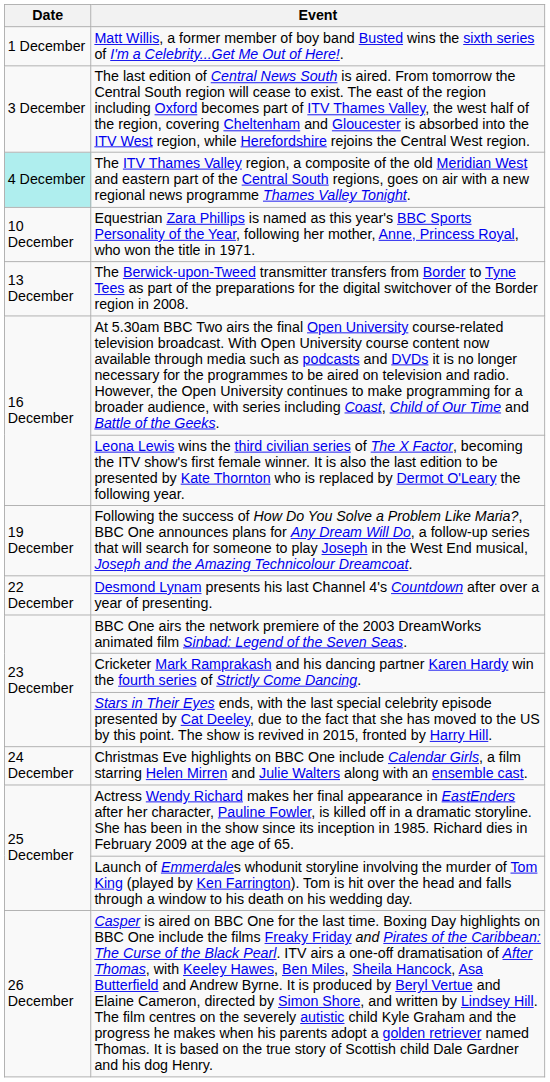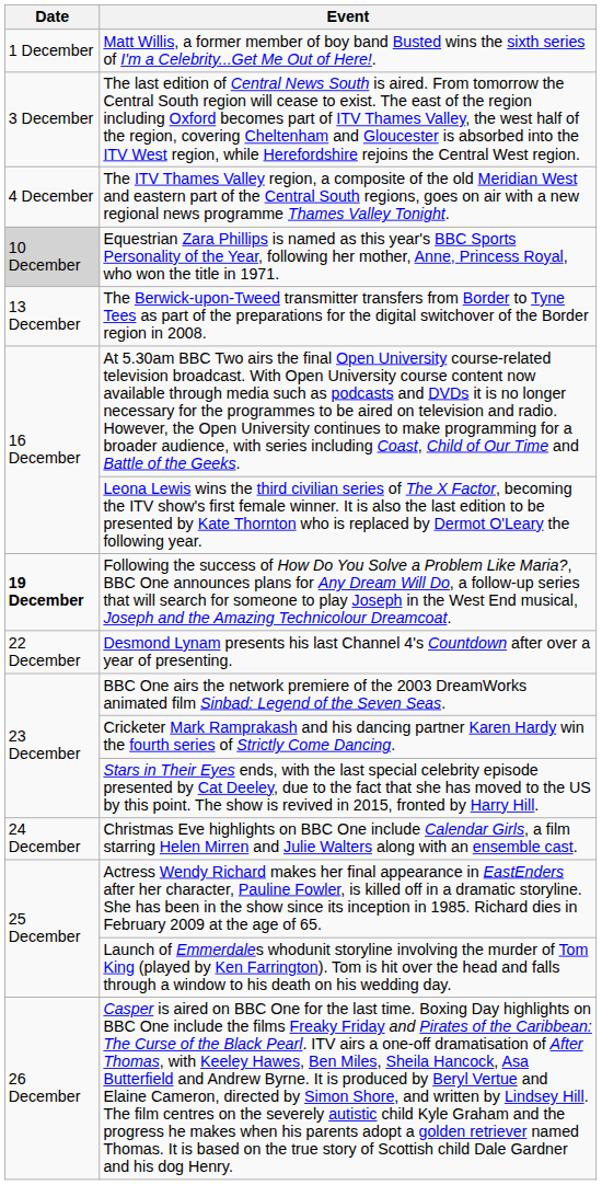 <table class="wikitable">
 <tr>
 <th width=90>Date</th>
 <th>Event</th>
 </tr>
 <tr>
 <td>1 December</td>
 <td><a href='#'>Matt Willis</a>, a former member of boy band <a href='#'>Busted</a> wins the <a href='#'>sixth series</a> of <em><a href='#'>I'm a Celebrity...Get Me Out of Here!</a></em>.</td>
 </tr>
 <tr>
 <td>3 December</td>
 <td>The last edition of <em><a href='#'>Central News South</a></em> is aired. From tomorrow the Central South region will cease to exist. The east of the region including <a href='#'>Oxford</a> becomes part of <a href='#'>ITV Thames Valley</a>, the west half of the region, covering <a href='#'>Cheltenham</a> and <a href='#'>Gloucester</a> is absorbed into the <a href='#'>ITV West</a> region, while <a href='#'>Herefordshire</a> rejoins the Central West region.</td>
 </tr>
 <tr>
-<td style="background: paleturquoise;">4 December</td>
+<td>4 December</td>
 <td>The <a href='#'>ITV Thames Valley</a> region, a composite of the old <a href='#'>Meridian West</a> and eastern part of the <a href='#'>Central South</a> regions, goes on air with a new regional news programme <em><a href='#'>Thames Valley Tonight</a></em>.</td>
 </tr>
 <tr>
-<td>10 December</td>
+<td style="background: lightgrey;">10 December</td>
 <td>Equestrian <a href='#'>Zara Phillips</a> is named as this year's <a href='#'>BBC Sports Personality of the Year</a>, following her mother, <a href='#'>Anne, Princess Royal</a>, who won the title in 1971.</td>
 </tr>
 <tr>
 <td>13 December</td>
 <td>The <a href='#'>Berwick-upon-Tweed</a> transmitter transfers from <a href='#'>Border</a> to <a href='#'>Tyne Tees</a> as part of the preparations for the digital switchover of the Border region in 2008.</td>
 </tr>
 <tr>
 <td rowspan=2>16 December</td>
 <td>At 5.30am BBC Two airs the final <a href='#'>Open University</a> course-related television broadcast. With Open University course content now available through media such as <a href='#'>podcasts</a> and <a href='#'>DVDs</a> it is no longer necessary for the programmes to be aired on television and radio. However, the Open University continues to make programming for a broader audience, with series including <em><a href='#'>Coast</a></em>, <em><a href='#'>Child of Our Time</a></em> and <em><a href='#'>Battle of the Geeks</a></em>.</td>
 </tr>
 <tr>
 <td><a href='#'>Leona Lewis</a> wins the <a href='#'>third civilian series</a> of <em><a href='#'>The X Factor</a></em>, becoming the ITV show's first female winner. It is also the last edition to be presented by <a href='#'>Kate Thornton</a> who is replaced by <a href='#'>Dermot O'Leary</a> the following year.</td>
 </tr>
 <tr>
-<td>19 December</td>
+<td><strong>19 December</strong></td>
 <td>Following the success of <em>How Do You Solve a Problem Like Maria?</em>, BBC One announces plans for <em><a href='#'>Any Dream Will Do</a></em>, a follow-up series that will search for someone to play <a href='#'>Joseph</a> in the West End musical, <em><a href='#'>Joseph and the Amazing Technicolour Dreamcoat</a></em>.</td>
 </tr>
 <tr>
 <td>22 December</td>
 <td><a href='#'>Desmond Lynam</a> presents his last Channel 4's <em><a href='#'>Countdown</a></em> after over a year of presenting.</td>
 </tr>
 <tr>
 <td rowspan=3>23 December</td>
 <td>BBC One airs the network premiere of the 2003 DreamWorks animated film <em><a href='#'>Sinbad: Legend of the Seven Seas</a></em>.</td>
 </tr>
 <tr>
 <td>Cricketer <a href='#'>Mark Ramprakash</a> and his dancing partner <a href='#'>Karen Hardy</a> win the <a href='#'>fourth series</a> of <em><a href='#'>Strictly Come Dancing</a></em>.</td>
 </tr>
 <tr>
 <td><em><a href='#'>Stars in Their Eyes</a></em> ends, with the last special celebrity episode presented by <a href='#'>Cat Deeley</a>, due to the fact that she has moved to the US by this point. The show is revived in 2015, fronted by <a href='#'>Harry Hill</a>.</td>
 </tr>
 <tr>
 <td>24 December</td>
 <td>Christmas Eve highlights on BBC One include <em><a href='#'>Calendar Girls</a></em>, a film starring <a href='#'>Helen Mirren</a> and <a href='#'>Julie Walters</a> along with an <a href='#'>ensemble cast</a>.</td>
 </tr>
 <tr>
 <td rowspan=2>25 December</td>
 <td>Actress <a href='#'>Wendy Richard</a> makes her final appearance in <em><a href='#'>EastEnders</a></em> after her character, <a href='#'>Pauline Fowler</a>, is killed off in a dramatic storyline. She has been in the show since its inception in 1985. Richard dies in February 2009 at the age of 65.</td>
 </tr>
 <tr>
 <td>Launch of <em><a href='#'>Emmerdale</a></em>s whodunit storyline involving the murder of <a href='#'>Tom King</a> (played by <a href='#'>Ken Farrington</a>). Tom is hit over the head and falls through a window to his death on his wedding day.</td>
 </tr>
 <tr>
 <td>26 December</td>
 <td><em><a href='#'>Casper</a></em> is aired on BBC One for the last time. Boxing Day highlights on BBC One include the films <a href='#'>Freaky Friday</a><em> and <a href='#'>Pirates of the Caribbean: The Curse of the Black Pearl</a></em>. ITV airs a one-off dramatisation of <em><a href='#'>After Thomas</a></em>, with <a href='#'>Keeley Hawes</a>, <a href='#'>Ben Miles</a>, <a href='#'>Sheila Hancock</a>, <a href='#'>Asa Butterfield</a> and Andrew Byrne. It is produced by <a href='#'>Beryl Vertue</a> and Elaine Cameron, directed by <a href='#'>Simon Shore</a>, and written by <a href='#'>Lindsey Hill</a>. The film centres on the severely <a href='#'>autistic</a> child Kyle Graham and the progress he makes when his parents adopt a <a href='#'>golden retriever</a> named Thomas. It is based on the true story of Scottish child Dale Gardner and his dog Henry.</td>
 </tr>
 </table>
